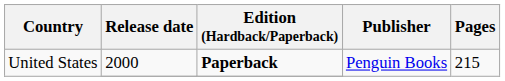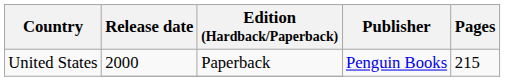 <table class="wikitable">
 <tr>
 <th>Country</th>
 <th>Release date</th>
 <th>Edition<br><small>(Hardback/Paperback)</small></th>
 <th>Publisher</th>
 <th>Pages</th>
 </tr>
 <tr>
 <td rowspan="14">United States</td>
 <td rowspan="2">2000</td>
-<td><strong>Paperback</strong></td>
+<td>Paperback</td>
 <td rowspan="14"><a href='#'>Penguin Books</a></td>
 <td rowspan="5">215</td>
 </tr>
 <tr>
 </tr>
 <tr>
 </tr>
 </table>
